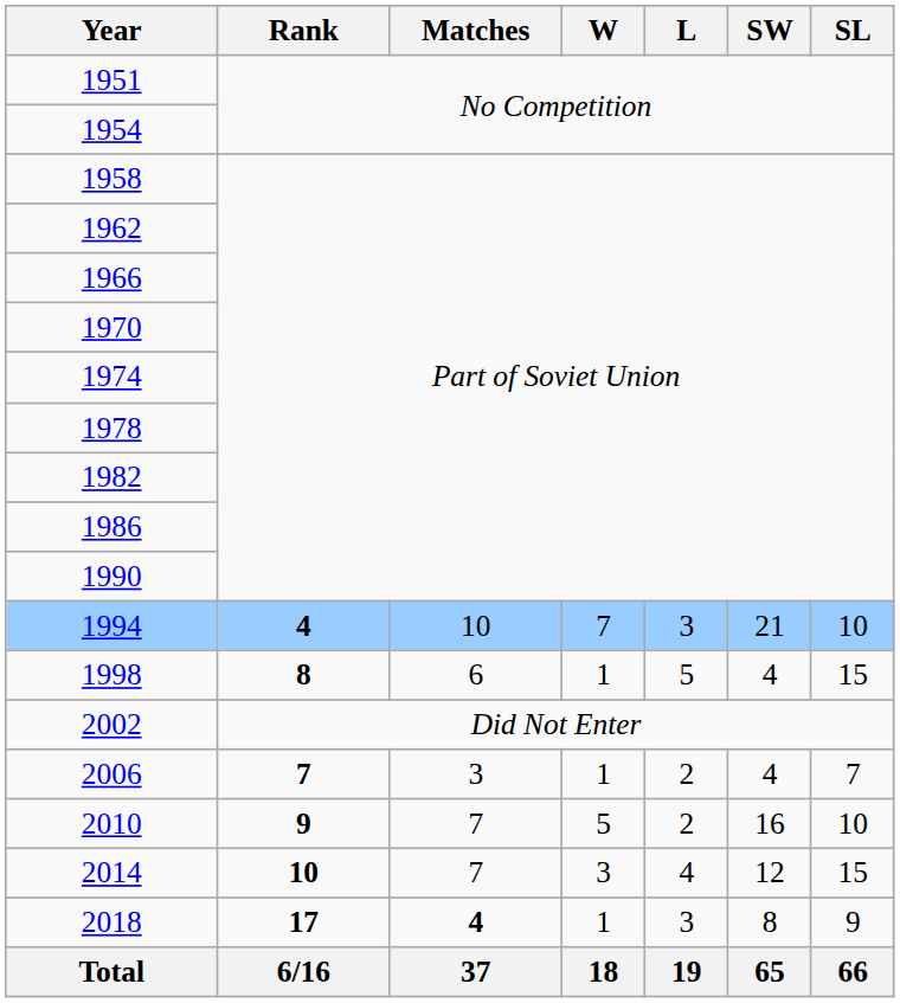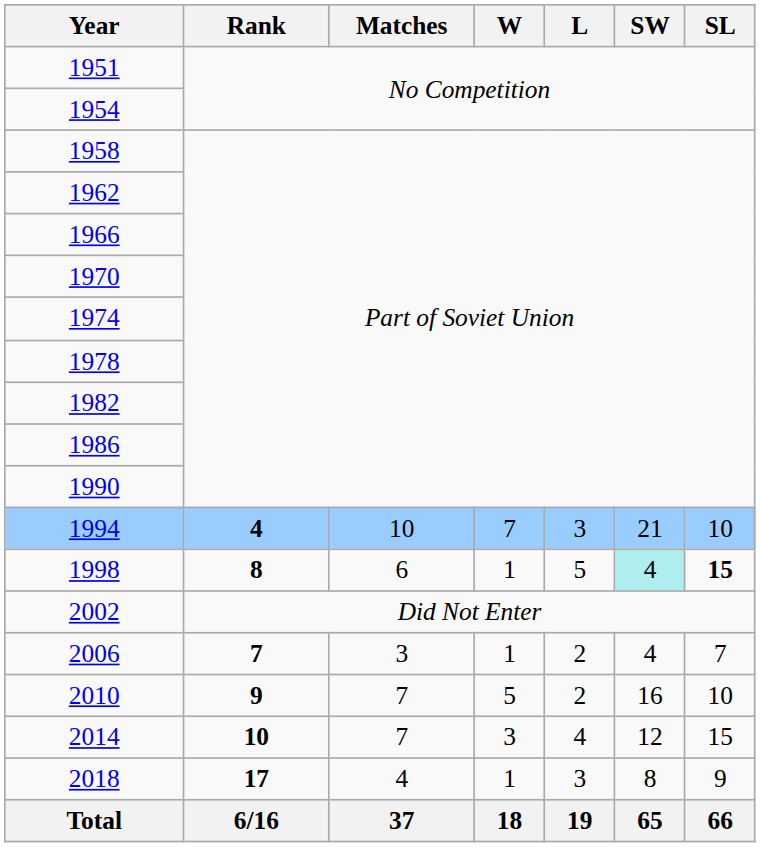 <table class="wikitable" style="text-align:center; font-size:95%">
 <tr>
 <th width=100>Year</th>
 <th width=80>Rank</th>
 <th width=80>Matches</th>
 <th width=35>W</th>
 <th width=35>L</th>
 <th width=35>SW</th>
 <th width=35>SL</th>
 </tr>
 <tr>
 <td> <a href='#'>1951</a></td>
 <td rowspan=2 colspan=6><em>No Competition</em></td>
 </tr>
 <tr>
 <td> <a href='#'>1954</a></td>
 </tr>
 <tr>
 <td> <a href='#'>1958</a></td>
 <td rowspan=9 colspan=6><em>Part of Soviet Union</em></td>
 </tr>
 <tr>
 <td> <a href='#'>1962</a></td>
 </tr>
 <tr>
 <td> <a href='#'>1966</a></td>
 </tr>
 <tr>
 <td> <a href='#'>1970</a></td>
 </tr>
 <tr>
 <td> <a href='#'>1974</a></td>
 </tr>
 <tr>
 <td> <a href='#'>1978</a></td>
 </tr>
 <tr>
 <td> <a href='#'>1982</a></td>
 </tr>
 <tr>
 <td> <a href='#'>1986</a></td>
 </tr>
 <tr>
 <td> <a href='#'>1990</a></td>
 </tr>
 <tr bgcolor=#9acdff>
 <td> <a href='#'>1994</a></td>
 <td><strong>4</strong></td>
 <td>10</td>
 <td>7</td>
 <td>3</td>
 <td>21</td>
 <td>10</td>
 </tr>
 <tr>
 <td> <a href='#'>1998</a></td>
 <td><strong>8</strong></td>
 <td>6</td>
 <td>1</td>
 <td>5</td>
-<td>4</td>
-<td>15</td>
+<td style="background: paleturquoise;">4</td>
+<td><strong>15</strong></td>
 </tr>
 <tr>
 <td> <a href='#'>2002</a></td>
 <td colspan=6><em>Did Not Enter</em></td>
 </tr>
 <tr>
 <td> <a href='#'>2006</a></td>
 <td><strong>7</strong></td>
 <td>3</td>
 <td>1</td>
 <td>2</td>
 <td>4</td>
 <td>7</td>
 </tr>
 <tr>
 <td> <a href='#'>2010</a></td>
 <td><strong>9</strong></td>
 <td>7</td>
 <td>5</td>
 <td>2</td>
 <td>16</td>
 <td>10</td>
 </tr>
 <tr>
 <td> <a href='#'>2014</a></td>
 <td><strong>10</strong></td>
 <td>7</td>
 <td>3</td>
 <td>4</td>
 <td>12</td>
 <td>15</td>
 </tr>
 <tr>
 <td> <a href='#'>2018</a></td>
 <td><strong>17</strong></td>
-<td><strong>4</strong></td>
+<td>4</td>
 <td>1</td>
 <td>3</td>
 <td>8</td>
 <td>9</td>
 </tr>
 <tr>
 <th>Total</th>
 <th>6/16</th>
 <th>37</th>
 <th>18</th>
 <th>19</th>
 <th>65</th>
 <th>66</th>
 </tr>
 </table>
